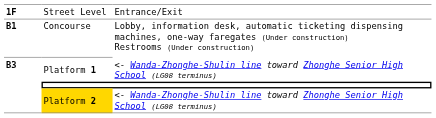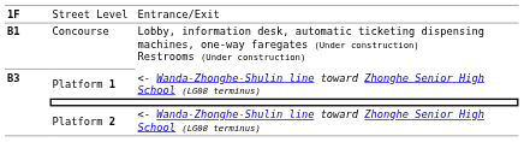 <table border="0" cellspacing="0" cellpadding="3">
 <tr>
 <td style="border-bottom:solid 1px gray;border-top:solid 1px gray;" width="50" valign="top"><strong>1F</strong></td>
 <td style="border-top:solid 1px gray;border-bottom:solid 1px gray;" width="100" valign="top">Street Level</td>
 <td style="border-top:solid 1px gray;border-bottom:solid 1px gray;" width="470" valign="top">Entrance/Exit</td>
 </tr>
 <tr>
 <td rowspan="2" style="border-bottom:solid 1px gray;" valign="top" width="50"><strong>B1</strong></td>
 <td rowspan="2" style="border-bottom:solid 1px gray;" valign="top" width="100">Concourse</td>
 <td width="390">Lobby, information desk, automatic ticketing dispensing machines, one-way faregates <small>(Under construction)</small><br>Restrooms <small>(Under construction)</small></td>
 </tr>
 <tr>
 <td></td>
 </tr>
 <tr>
 <td rowspan="3" style="border-bottom:solid 1px gray;" valign="top"><strong>B3</strong></td>
 <td>Platform <span><strong>1</strong></span></td>
 <td><- <em> <a href='#'>Wanda-Zhonghe-Shulin line</a> toward <a href='#'>Zhonghe Senior High School</a> <small>(LG08 terminus)</small></em></td>
 </tr>
 <tr>
 <td colspan="2" style="border:solid 2px black;"></td>
 </tr>
 <tr>
-<td style="background: gold; border-bottom:solid 1px gray;">Platform <span><strong>2</strong></span></td>
+<td style="border-bottom:solid 1px gray;">Platform <span><strong>2</strong></span></td>
 <td style="border-bottom:solid 1px gray;"><- <em> <a href='#'>Wanda-Zhonghe-Shulin line</a> toward <a href='#'>Zhonghe Senior High School</a> <small>(LG08 terminus)</small></em></td>
 </tr>
 </table>
